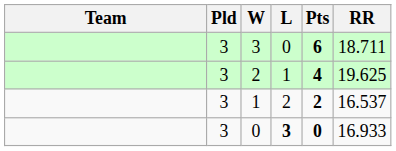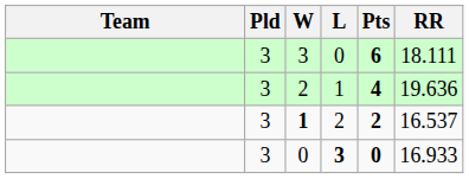 <table class="wikitable" border="1" style="text-align:center;">
 <tr>
 <th width=175>Team</th>
 <th width=20 abbr="Played">Pld</th>
 <th width=20 abbr="Won">W</th>
 <th width=20 abbr="Lost">L</th>
 <th width=20 abbr="Points">Pts</th>
 <th width=20 abbr="Run rate">RR</th>
 </tr>
 <tr style="background:#ccffcc;">
 <td style="text-align:left;"></td>
 <td>3</td>
 <td>3</td>
 <td>0</td>
 <td><strong>6</strong></td>
-<td>18.711</td>
+<td>18.111</td>
 </tr>
 <tr style="background:#ccffcc;">
 <td style="text-align:left;"></td>
 <td>3</td>
 <td>2</td>
 <td>1</td>
 <td><strong>4</strong></td>
-<td>19.625</td>
+<td>19.636</td>
 </tr>
 <tr style="background:#f9f9f9;">
 <td style="text-align:left;"></td>
 <td>3</td>
-<td>1</td>
+<td><strong>1</strong></td>
 <td>2</td>
 <td><strong>2</strong></td>
 <td>16.537</td>
 </tr>
 <tr style="background:#f9f9f9;">
 <td style="text-align:left;"></td>
 <td>3</td>
 <td>0</td>
 <td><strong>3</strong></td>
 <td><strong>0</strong></td>
 <td>16.933</td>
 </tr>
 </table>
